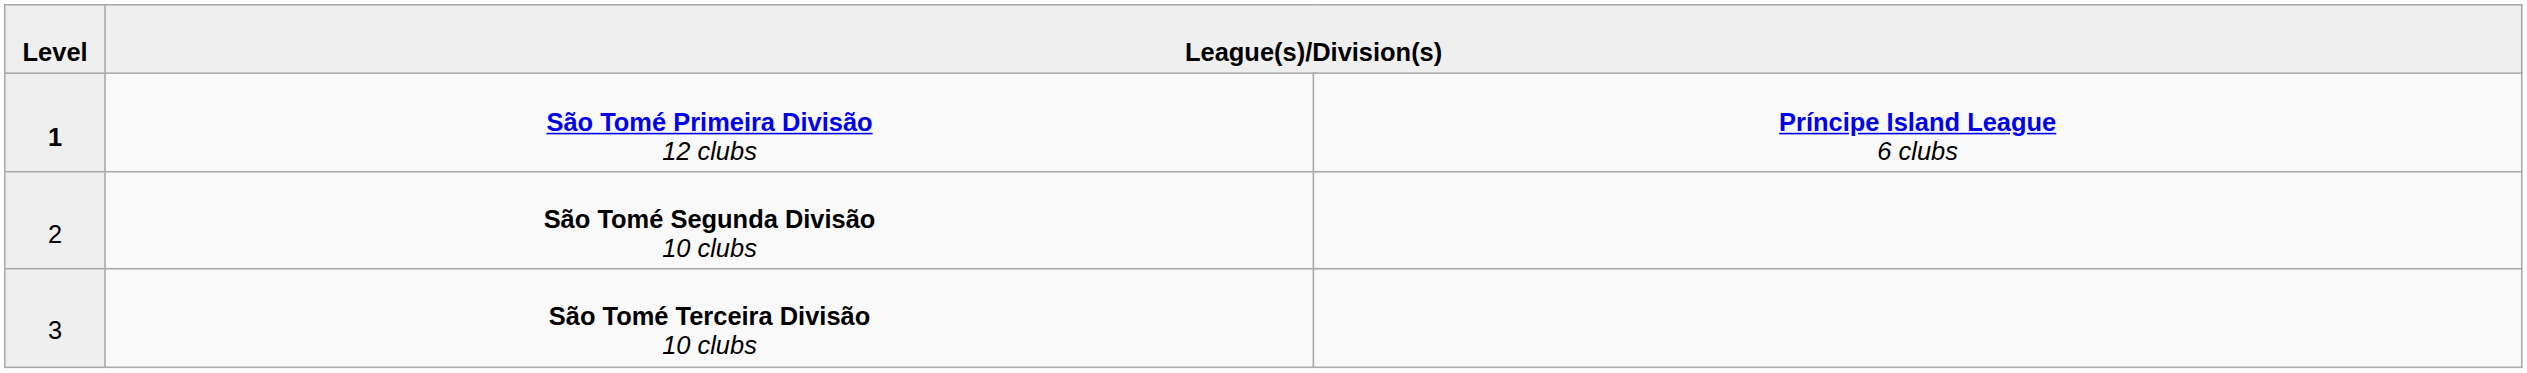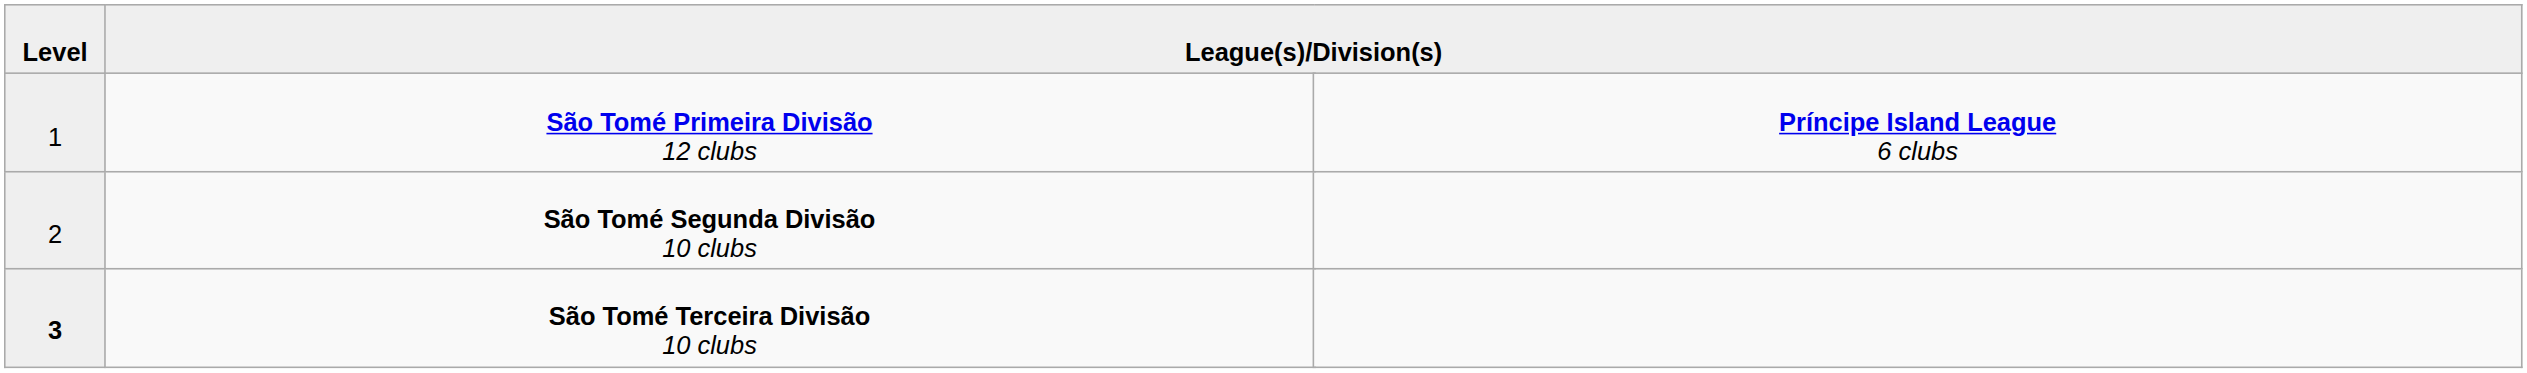 <table class="wikitable" style="text-align:center; width:100%;">
 <tr style="background:#efefef;">
 <td style="width:4%; text-align:center;"><br><strong>Level</strong></td>
 <td colspan="12"  style="width:96%; text-align:center;"><br><strong>League(s)/Division(s)</strong></td>
 </tr>
 <tr>
-<td style="text-align:center; width:4%; background:#efefef;"><strong><br>1</strong></td>
+<td style="text-align:center; width:4%; background:#efefef;"><br>1</td>
 <td colspan="6"  style="width:48%;"><br><strong><a href='#'>São Tomé Primeira Divisão</a></strong><br> <em>12 clubs</em></td>
 <td colspan="6" style="width:48%;"><br><strong><a href='#'>Príncipe Island League</a></strong><br> <em>6 clubs</em></td>
 </tr>
 <tr>
 <td style="text-align:center; width:4%; background:#efefef;"><br>2</td>
 <td colspan="6" style="width:48%;"><br><strong>São Tomé Segunda Divisão</strong><br> <em>10 clubs</em></td>
 <td colspan="6" style="width:48%;"></td>
 </tr>
 <tr>
-<td style="text-align:center; width:4%; background:#efefef;"><br>3</td>
+<td style="text-align:center; width:4%; background:#efefef;"><strong><br>3</strong></td>
 <td colspan="6" style="width:48%;"><br><strong>São Tomé Terceira Divisão</strong><br> <em>10 clubs</em></td>
 <td colspan="6" style="width:48%;"></td>
 </tr>
 </table>
